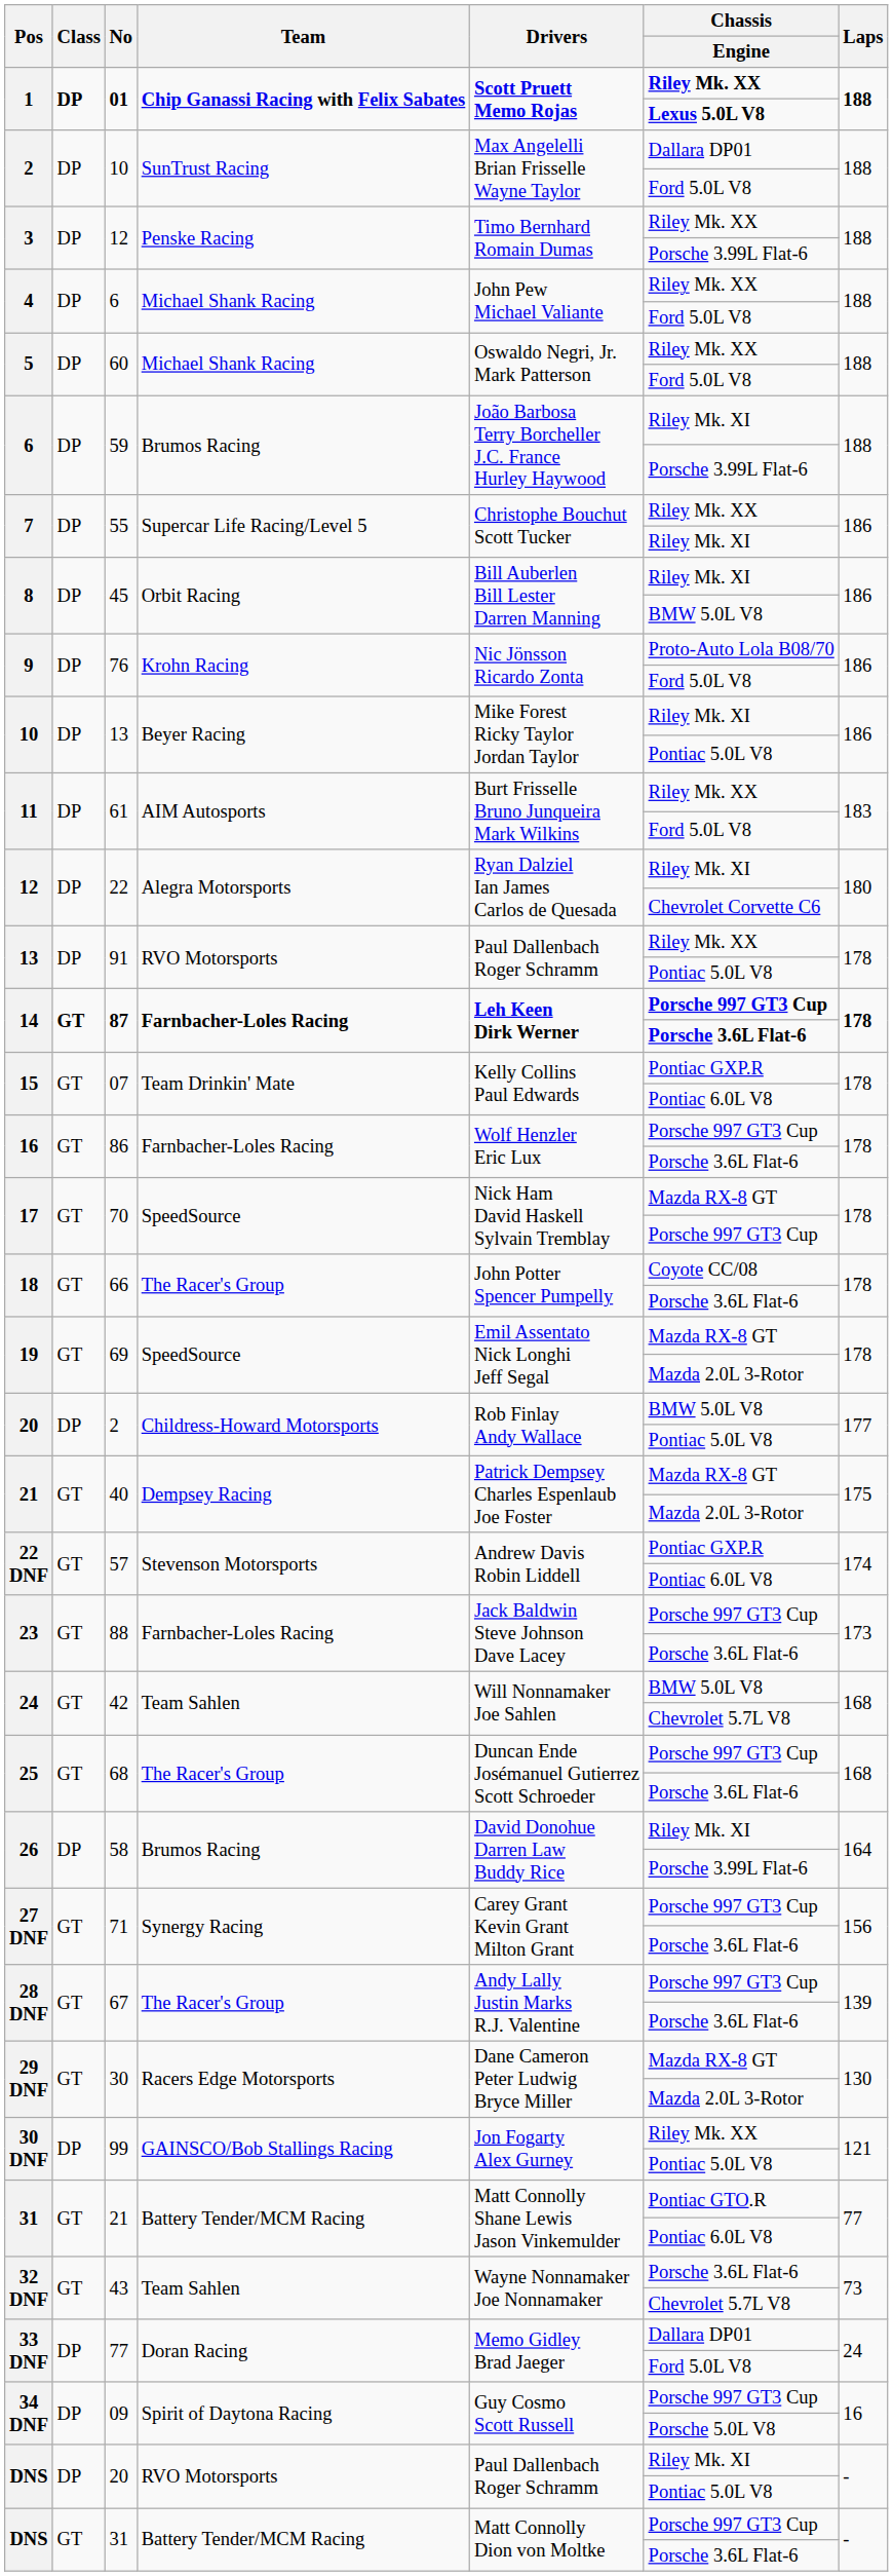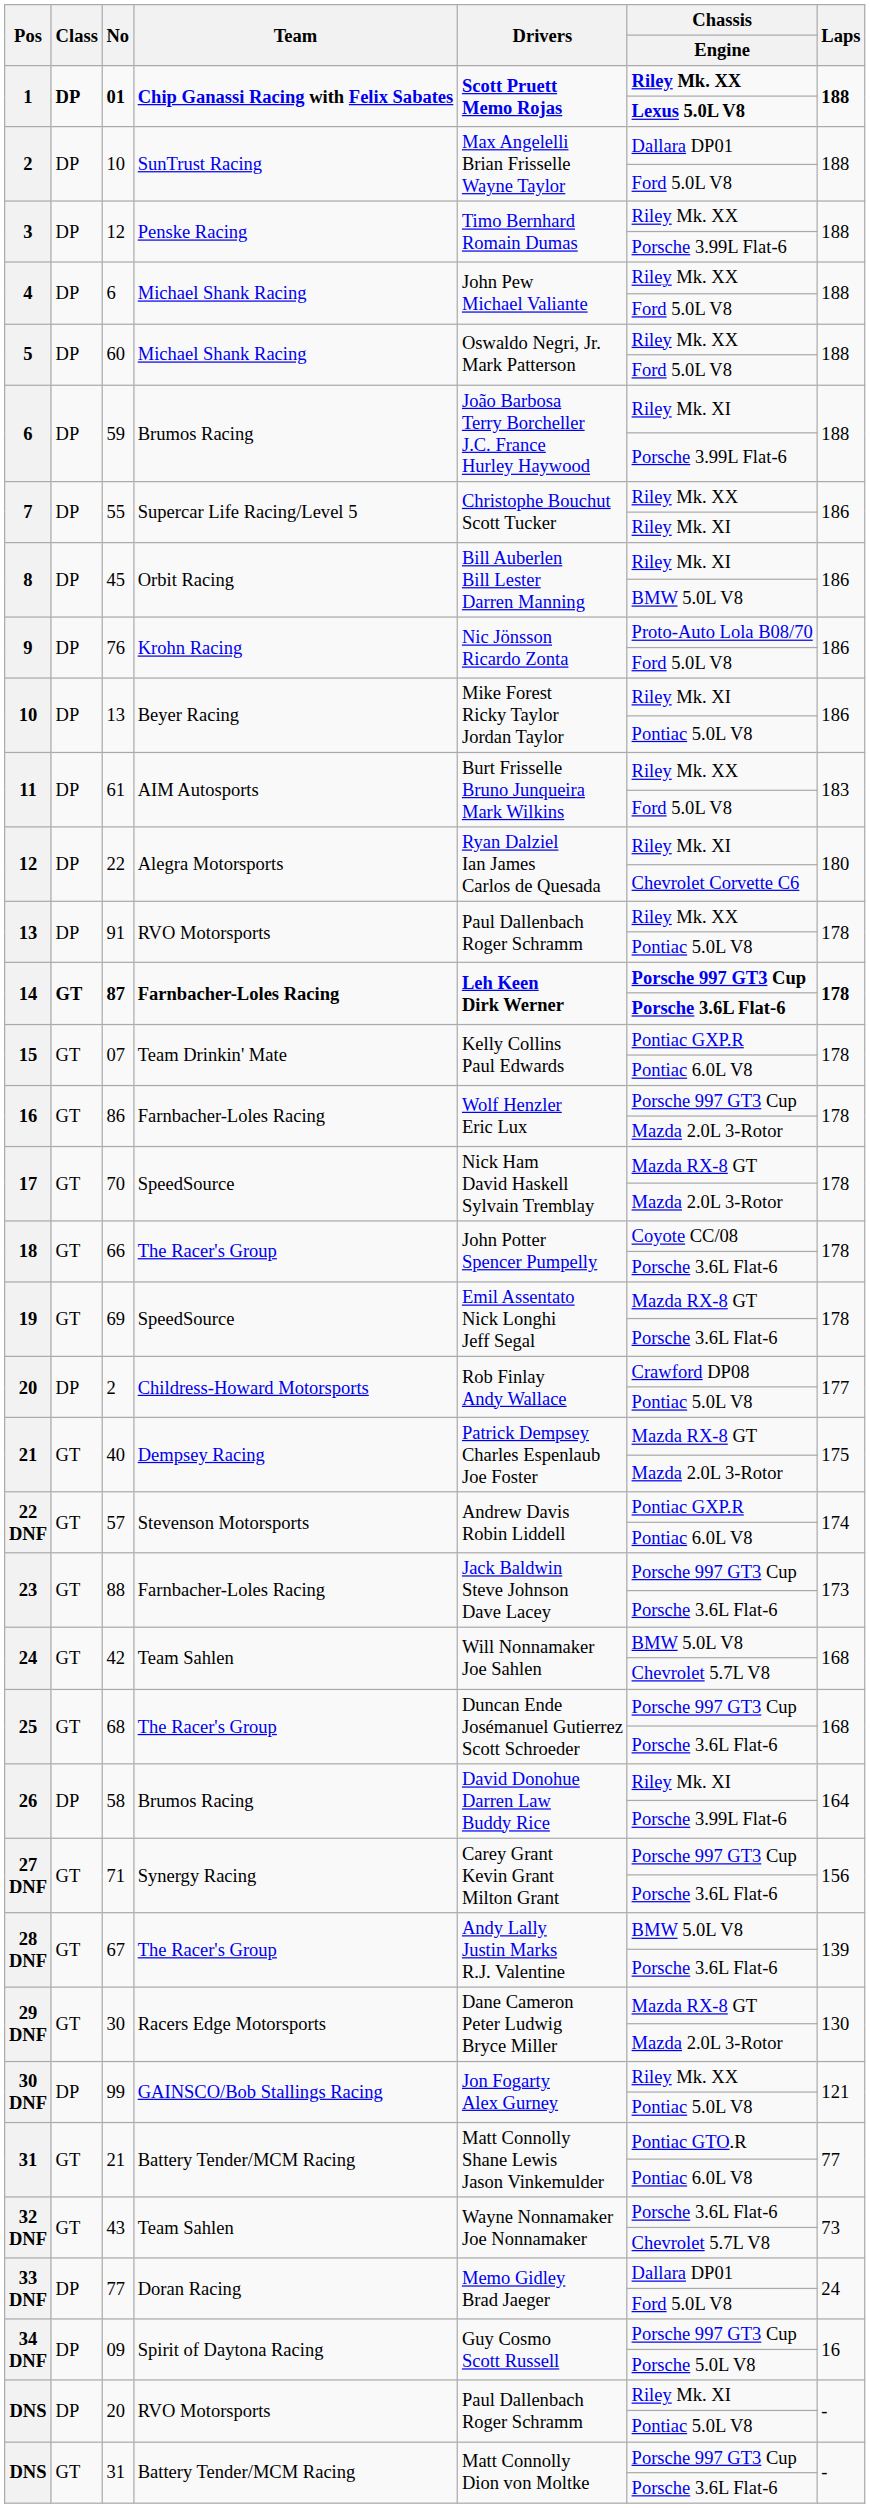 <table class="wikitable" style="font-size: 95%;">
 <tr>
 <th rowspan=2>Pos</th>
 <th rowspan=2>Class</th>
 <th rowspan=2>No</th>
 <th rowspan=2>Team</th>
 <th rowspan=2>Drivers</th>
 <th>Chassis</th>
 <th rowspan=2>Laps</th>
 </tr>
 <tr>
 <th>Engine</th>
 </tr>
 <tr style="font-weight:bold">
 <th rowspan=2>1</th>
 <td rowspan=2>DP</td>
 <td rowspan=2>01</td>
 <td rowspan=2><a href='#'>Chip Ganassi Racing</a> with <a href='#'>Felix Sabates</a></td>
 <td rowspan=2> <a href='#'>Scott Pruett</a><br> <a href='#'>Memo Rojas</a></td>
 <td><a href='#'>Riley</a> Mk. XX</td>
 <td rowspan=2>188</td>
 </tr>
 <tr style="font-weight:bold">
 <td><a href='#'>Lexus</a> 5.0L V8</td>
 </tr>
 <tr>
 <th rowspan=2>2</th>
 <td rowspan=2>DP</td>
 <td rowspan=2>10</td>
 <td rowspan=2><a href='#'>SunTrust Racing</a></td>
 <td rowspan=2> <a href='#'>Max Angelelli</a><br> Brian Frisselle<br> <a href='#'>Wayne Taylor</a></td>
 <td><a href='#'>Dallara</a> DP01</td>
 <td rowspan=2>188</td>
 </tr>
 <tr>
 <td><a href='#'>Ford</a> 5.0L V8</td>
 </tr>
 <tr>
 <th rowspan=2>3</th>
 <td rowspan=2>DP</td>
 <td rowspan=2>12</td>
 <td rowspan=2><a href='#'>Penske Racing</a></td>
 <td rowspan=2> <a href='#'>Timo Bernhard</a><br> <a href='#'>Romain Dumas</a></td>
 <td><a href='#'>Riley</a> Mk. XX</td>
 <td rowspan=2>188</td>
 </tr>
 <tr>
 <td><a href='#'>Porsche</a> 3.99L Flat-6</td>
 </tr>
 <tr>
 <th rowspan=2>4</th>
 <td rowspan=2>DP</td>
 <td rowspan=2>6</td>
 <td rowspan=2><a href='#'>Michael Shank Racing</a></td>
 <td rowspan=2> John Pew<br> <a href='#'>Michael Valiante</a></td>
 <td><a href='#'>Riley</a> Mk. XX</td>
 <td rowspan=2>188</td>
 </tr>
 <tr>
 <td><a href='#'>Ford</a> 5.0L V8</td>
 </tr>
 <tr>
 <th rowspan=2>5</th>
 <td rowspan=2>DP</td>
 <td rowspan=2>60</td>
 <td rowspan=2><a href='#'>Michael Shank Racing</a></td>
 <td rowspan=2> Oswaldo Negri, Jr.<br> Mark Patterson</td>
 <td><a href='#'>Riley</a> Mk. XX</td>
 <td rowspan=2>188</td>
 </tr>
 <tr>
 <td><a href='#'>Ford</a> 5.0L V8</td>
 </tr>
 <tr>
 <th rowspan=2>6</th>
 <td rowspan=2>DP</td>
 <td rowspan=2>59</td>
 <td rowspan=2>Brumos Racing</td>
 <td rowspan=2> <a href='#'>João Barbosa</a><br> <a href='#'>Terry Borcheller</a><br> <a href='#'>J.C. France</a><br> <a href='#'>Hurley Haywood</a></td>
 <td><a href='#'>Riley</a> Mk. XI</td>
 <td rowspan=2>188</td>
 </tr>
 <tr>
 <td><a href='#'>Porsche</a> 3.99L Flat-6</td>
 </tr>
 <tr>
 <th rowspan=2>7</th>
 <td rowspan=2>DP</td>
 <td rowspan=2>55</td>
 <td rowspan=2>Supercar Life Racing/Level 5</td>
 <td rowspan=2> <a href='#'>Christophe Bouchut</a><br> Scott Tucker</td>
 <td><a href='#'>Riley</a> Mk. XX</td>
 <td rowspan=2>186</td>
 </tr>
 <tr>
 <td><a href='#'>Riley</a> Mk. XI</td>
 </tr>
 <tr>
 <th rowspan=2>8</th>
 <td rowspan=2>DP</td>
 <td rowspan=2>45</td>
 <td rowspan=2>Orbit Racing</td>
 <td rowspan=2> <a href='#'>Bill Auberlen</a><br> <a href='#'>Bill Lester</a><br> <a href='#'>Darren Manning</a></td>
 <td><a href='#'>Riley</a> Mk. XI</td>
 <td rowspan=2>186</td>
 </tr>
 <tr>
 <td><a href='#'>BMW</a> 5.0L V8</td>
 </tr>
 <tr>
 <th rowspan=2>9</th>
 <td rowspan=2>DP</td>
 <td rowspan=2>76</td>
 <td rowspan=2><a href='#'>Krohn Racing</a></td>
 <td rowspan=2> <a href='#'>Nic Jönsson</a><br> <a href='#'>Ricardo Zonta</a></td>
 <td><a href='#'>Proto-Auto Lola B08/70</a></td>
 <td rowspan=2>186</td>
 </tr>
 <tr>
 <td><a href='#'>Ford</a> 5.0L V8</td>
 </tr>
 <tr>
 <th rowspan=2>10</th>
 <td rowspan=2>DP</td>
 <td rowspan=2>13</td>
 <td rowspan=2>Beyer Racing</td>
 <td rowspan=2> Mike Forest<br> Ricky Taylor<br> Jordan Taylor</td>
 <td><a href='#'>Riley</a> Mk. XI</td>
 <td rowspan=2>186</td>
 </tr>
 <tr>
 <td><a href='#'>Pontiac</a> 5.0L V8</td>
 </tr>
 <tr>
 <th rowspan=2>11</th>
 <td rowspan=2>DP</td>
 <td rowspan=2>61</td>
 <td rowspan=2>AIM Autosports</td>
 <td rowspan=2> Burt Frisselle<br> <a href='#'>Bruno Junqueira</a><br> <a href='#'>Mark Wilkins</a></td>
 <td><a href='#'>Riley</a> Mk. XX</td>
 <td rowspan=2>183</td>
 </tr>
 <tr>
 <td><a href='#'>Ford</a> 5.0L V8</td>
 </tr>
 <tr>
 <th rowspan=2>12</th>
 <td rowspan=2>DP</td>
 <td rowspan=2>22</td>
 <td rowspan=2>Alegra Motorsports</td>
 <td rowspan=2> <a href='#'>Ryan Dalziel</a><br> Ian James<br> Carlos de Quesada</td>
 <td><a href='#'>Riley</a> Mk. XI</td>
 <td rowspan=2>180</td>
 </tr>
 <tr>
 <td><a href='#'>Chevrolet Corvette C6</a></td>
 </tr>
 <tr>
 <th rowspan=2>13</th>
 <td rowspan=2>DP</td>
 <td rowspan=2>91</td>
 <td rowspan=2>RVO Motorsports</td>
 <td rowspan=2> Paul Dallenbach<br> Roger Schramm</td>
 <td><a href='#'>Riley</a> Mk. XX</td>
 <td rowspan=2>178</td>
 </tr>
 <tr>
 <td><a href='#'>Pontiac</a> 5.0L V8</td>
 </tr>
 <tr style="font-weight:bold">
 <th rowspan=2>14</th>
 <td rowspan=2>GT</td>
 <td rowspan=2>87</td>
 <td rowspan=2>Farnbacher-Loles Racing</td>
 <td rowspan=2> <a href='#'>Leh Keen</a><br> Dirk Werner</td>
 <td><a href='#'>Porsche 997 GT3</a> Cup</td>
 <td rowspan=2>178</td>
 </tr>
 <tr style="font-weight:bold">
 <td><a href='#'>Porsche</a> 3.6L Flat-6</td>
 </tr>
 <tr>
 <th rowspan=2>15</th>
 <td rowspan=2>GT</td>
 <td rowspan=2>07</td>
 <td rowspan=2>Team Drinkin' Mate</td>
 <td rowspan=2> Kelly Collins<br> Paul Edwards</td>
 <td><a href='#'>Pontiac GXP.R</a></td>
 <td rowspan=2>178</td>
 </tr>
 <tr>
 <td><a href='#'>Pontiac</a> 6.0L V8</td>
 </tr>
 <tr>
 <th rowspan=2>16</th>
 <td rowspan=2>GT</td>
 <td rowspan=2>86</td>
 <td rowspan=2>Farnbacher-Loles Racing</td>
 <td rowspan=2> <a href='#'>Wolf Henzler</a><br> Eric Lux</td>
 <td><a href='#'>Porsche 997 GT3</a> Cup</td>
 <td rowspan=2>178</td>
 </tr>
 <tr>
-<td><a href='#'>Porsche</a> 3.6L Flat-6</td>
+<td><a href='#'>Mazda</a> 2.0L 3-Rotor</td>
 </tr>
 <tr>
 <th rowspan=2>17</th>
 <td rowspan=2>GT</td>
 <td rowspan=2>70</td>
 <td rowspan=2>SpeedSource</td>
 <td rowspan=2> Nick Ham<br> David Haskell<br> Sylvain Tremblay</td>
 <td><a href='#'>Mazda RX-8</a> GT</td>
 <td rowspan=2>178</td>
 </tr>
 <tr>
-<td><a href='#'>Porsche 997 GT3</a> Cup</td>
+<td><a href='#'>Mazda</a> 2.0L 3-Rotor</td>
 </tr>
 <tr>
 <th rowspan=2>18</th>
 <td rowspan=2>GT</td>
 <td rowspan=2>66</td>
 <td rowspan=2><a href='#'>The Racer's Group</a></td>
 <td rowspan=2> John Potter<br> <a href='#'>Spencer Pumpelly</a></td>
 <td><a href='#'>Coyote</a> CC/08</td>
 <td rowspan=2>178</td>
 </tr>
 <tr>
 <td><a href='#'>Porsche</a> 3.6L Flat-6</td>
 </tr>
 <tr>
 <th rowspan=2>19</th>
 <td rowspan=2>GT</td>
 <td rowspan=2>69</td>
 <td rowspan=2>SpeedSource</td>
 <td rowspan=2> <a href='#'>Emil Assentato</a><br> Nick Longhi<br> Jeff Segal</td>
 <td><a href='#'>Mazda RX-8</a> GT</td>
 <td rowspan=2>178</td>
 </tr>
 <tr>
-<td><a href='#'>Mazda</a> 2.0L 3-Rotor</td>
+<td><a href='#'>Porsche</a> 3.6L Flat-6</td>
 </tr>
 <tr>
 <th rowspan=2>20</th>
 <td rowspan=2>DP</td>
 <td rowspan=2>2</td>
 <td rowspan=2><a href='#'>Childress-Howard Motorsports</a></td>
 <td rowspan=2> Rob Finlay<br> <a href='#'>Andy Wallace</a></td>
-<td><a href='#'>BMW</a> 5.0L V8</td>
+<td><a href='#'>Crawford</a> DP08</td>
 <td rowspan=2>177</td>
 </tr>
 <tr>
 <td><a href='#'>Pontiac</a> 5.0L V8</td>
 </tr>
 <tr>
 <th rowspan=2>21</th>
 <td rowspan=2>GT</td>
 <td rowspan=2>40</td>
 <td rowspan=2><a href='#'>Dempsey Racing</a></td>
 <td rowspan=2> <a href='#'>Patrick Dempsey</a><br> Charles Espenlaub<br> Joe Foster</td>
 <td><a href='#'>Mazda RX-8</a> GT</td>
 <td rowspan=2>175</td>
 </tr>
 <tr>
 <td><a href='#'>Mazda</a> 2.0L 3-Rotor</td>
 </tr>
 <tr>
 <th rowspan=2>22<br>DNF</th>
 <td rowspan=2>GT</td>
 <td rowspan=2>57</td>
 <td rowspan=2>Stevenson Motorsports</td>
 <td rowspan=2> Andrew Davis<br> Robin Liddell</td>
 <td><a href='#'>Pontiac GXP.R</a></td>
 <td rowspan=2>174</td>
 </tr>
 <tr>
 <td><a href='#'>Pontiac</a> 6.0L V8</td>
 </tr>
 <tr>
 <th rowspan=2>23</th>
 <td rowspan=2>GT</td>
 <td rowspan=2>88</td>
 <td rowspan=2>Farnbacher-Loles Racing</td>
 <td rowspan=2> <a href='#'>Jack Baldwin</a><br> Steve Johnson<br> Dave Lacey</td>
 <td><a href='#'>Porsche 997 GT3</a> Cup</td>
 <td rowspan=2>173</td>
 </tr>
 <tr>
 <td><a href='#'>Porsche</a> 3.6L Flat-6</td>
 </tr>
 <tr>
 <th rowspan=2>24</th>
 <td rowspan=2>GT</td>
 <td rowspan=2>42</td>
 <td rowspan=2>Team Sahlen</td>
 <td rowspan=2> Will Nonnamaker<br> Joe Sahlen</td>
 <td><a href='#'>BMW</a> 5.0L V8</td>
 <td rowspan=2>168</td>
 </tr>
 <tr>
 <td><a href='#'>Chevrolet</a> 5.7L V8</td>
 </tr>
 <tr>
 <th rowspan=2>25</th>
 <td rowspan=2>GT</td>
 <td rowspan=2>68</td>
 <td rowspan=2><a href='#'>The Racer's Group</a></td>
 <td rowspan=2> Duncan Ende<br> Josémanuel Gutierrez<br> Scott Schroeder</td>
 <td><a href='#'>Porsche 997 GT3</a> Cup</td>
 <td rowspan=2>168</td>
 </tr>
 <tr>
 <td><a href='#'>Porsche</a> 3.6L Flat-6</td>
 </tr>
 <tr>
 <th rowspan=2>26</th>
 <td rowspan=2>DP</td>
 <td rowspan=2>58</td>
 <td rowspan=2>Brumos Racing</td>
 <td rowspan=2> <a href='#'>David Donohue</a><br> <a href='#'>Darren Law</a><br> <a href='#'>Buddy Rice</a></td>
 <td><a href='#'>Riley</a> Mk. XI</td>
 <td rowspan=2>164</td>
 </tr>
 <tr>
 <td><a href='#'>Porsche</a> 3.99L Flat-6</td>
 </tr>
 <tr>
 <th rowspan=2>27<br>DNF</th>
 <td rowspan=2>GT</td>
 <td rowspan=2>71</td>
 <td rowspan=2>Synergy Racing</td>
 <td rowspan=2> Carey Grant<br> Kevin Grant<br> Milton Grant</td>
 <td><a href='#'>Porsche 997 GT3</a> Cup</td>
 <td rowspan=2>156</td>
 </tr>
 <tr>
 <td><a href='#'>Porsche</a> 3.6L Flat-6</td>
 </tr>
 <tr>
 <th rowspan=2>28<br>DNF</th>
 <td rowspan=2>GT</td>
 <td rowspan=2>67</td>
 <td rowspan=2><a href='#'>The Racer's Group</a></td>
 <td rowspan=2> <a href='#'>Andy Lally</a><br> <a href='#'>Justin Marks</a><br> R.J. Valentine</td>
-<td><a href='#'>Porsche 997 GT3</a> Cup</td>
+<td><a href='#'>BMW</a> 5.0L V8</td>
 <td rowspan=2>139</td>
 </tr>
 <tr>
 <td><a href='#'>Porsche</a> 3.6L Flat-6</td>
 </tr>
 <tr>
 <th rowspan=2>29<br>DNF</th>
 <td rowspan=2>GT</td>
 <td rowspan=2>30</td>
 <td rowspan=2>Racers Edge Motorsports</td>
 <td rowspan=2> Dane Cameron<br> Peter Ludwig<br> Bryce Miller</td>
 <td><a href='#'>Mazda RX-8</a> GT</td>
 <td rowspan=2>130</td>
 </tr>
 <tr>
 <td><a href='#'>Mazda</a> 2.0L 3-Rotor</td>
 </tr>
 <tr>
 <th rowspan=2>30<br>DNF</th>
 <td rowspan=2>DP</td>
 <td rowspan=2>99</td>
 <td rowspan=2><a href='#'>GAINSCO/Bob Stallings Racing</a></td>
 <td rowspan=2> <a href='#'>Jon Fogarty</a><br> <a href='#'>Alex Gurney</a></td>
 <td><a href='#'>Riley</a> Mk. XX</td>
 <td rowspan=2>121</td>
 </tr>
 <tr>
 <td><a href='#'>Pontiac</a> 5.0L V8</td>
 </tr>
 <tr>
 <th rowspan=2>31</th>
 <td rowspan=2>GT</td>
 <td rowspan=2>21</td>
 <td rowspan=2>Battery Tender/MCM Racing</td>
 <td rowspan=2> Matt Connolly<br> Shane Lewis<br> Jason Vinkemulder</td>
 <td><a href='#'>Pontiac GTO</a>.R</td>
 <td rowspan=2>77</td>
 </tr>
 <tr>
 <td><a href='#'>Pontiac</a> 6.0L V8</td>
 </tr>
 <tr>
 <th rowspan=2>32<br>DNF</th>
 <td rowspan=2>GT</td>
 <td rowspan=2>43</td>
 <td rowspan=2>Team Sahlen</td>
 <td rowspan=2> Wayne Nonnamaker<br> Joe Nonnamaker</td>
 <td><a href='#'>Porsche</a> 3.6L Flat-6</td>
 <td rowspan=2>73</td>
 </tr>
 <tr>
 <td><a href='#'>Chevrolet</a> 5.7L V8</td>
 </tr>
 <tr>
 <th rowspan=2>33<br>DNF</th>
 <td rowspan=2>DP</td>
 <td rowspan=2>77</td>
 <td rowspan=2>Doran Racing</td>
 <td rowspan=2> <a href='#'>Memo Gidley</a><br> Brad Jaeger</td>
 <td><a href='#'>Dallara</a> DP01</td>
 <td rowspan=2>24</td>
 </tr>
 <tr>
 <td><a href='#'>Ford</a> 5.0L V8</td>
 </tr>
 <tr>
 <th rowspan=2>34<br>DNF</th>
 <td rowspan=2>DP</td>
 <td rowspan=2>09</td>
 <td rowspan=2>Spirit of Daytona Racing</td>
 <td rowspan=2> Guy Cosmo<br> <a href='#'>Scott Russell</a></td>
 <td><a href='#'>Porsche 997 GT3</a> Cup</td>
 <td rowspan=2>16</td>
 </tr>
 <tr>
 <td><a href='#'>Porsche</a> 5.0L V8</td>
 </tr>
 <tr>
 <th rowspan=2>DNS</th>
 <td rowspan=2>DP</td>
 <td rowspan=2>20</td>
 <td rowspan=2>RVO Motorsports</td>
 <td rowspan=2> Paul Dallenbach<br> Roger Schramm</td>
 <td><a href='#'>Riley</a> Mk. XI</td>
 <td rowspan=2>-</td>
 </tr>
 <tr>
 <td><a href='#'>Pontiac</a> 5.0L V8</td>
 </tr>
 <tr>
 <th rowspan=2>DNS</th>
 <td rowspan=2>GT</td>
 <td rowspan=2>31</td>
 <td rowspan=2>Battery Tender/MCM Racing</td>
 <td rowspan=2> Matt Connolly<br> Dion von Moltke</td>
 <td><a href='#'>Porsche 997 GT3</a> Cup</td>
 <td rowspan=2>-</td>
 </tr>
 <tr>
 <td><a href='#'>Porsche</a> 3.6L Flat-6</td>
 </tr>
 </table>
